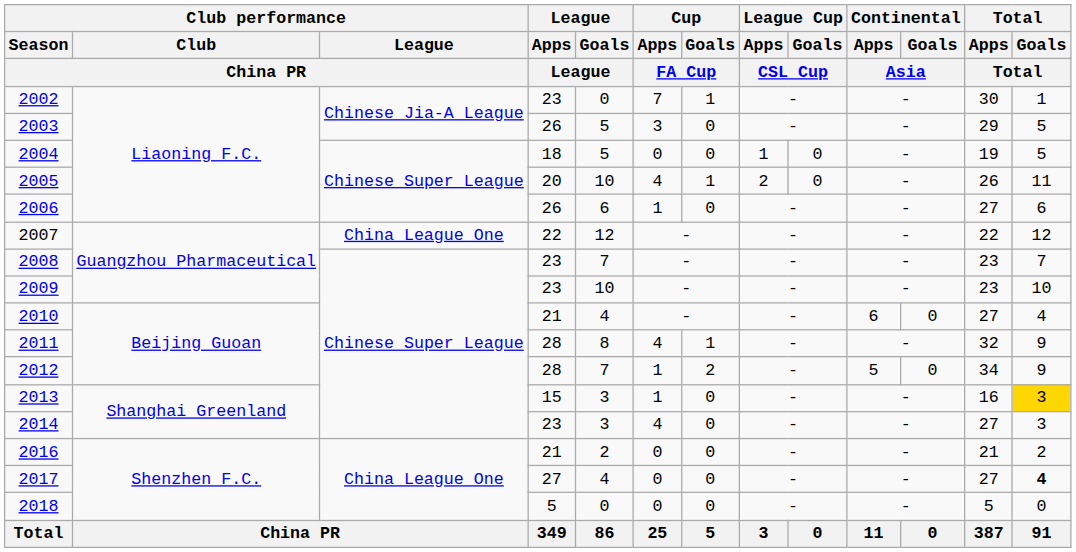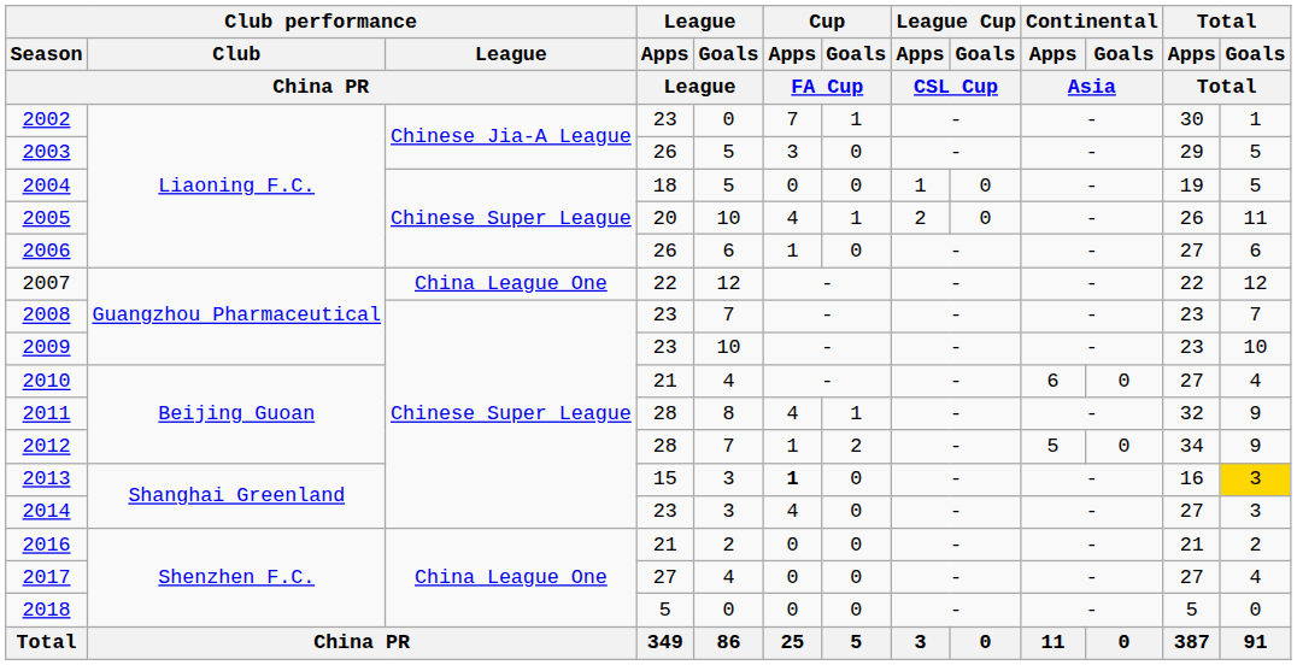 <table class="wikitable" style="text-align:center">
 <tr>
 <th colspan=3>Club performance</th>
 <th colspan=2>League</th>
 <th colspan=2>Cup</th>
 <th colspan=2>League Cup</th>
 <th colspan=2>Continental</th>
 <th colspan=2>Total</th>
 </tr>
 <tr>
 <th>Season</th>
 <th>Club</th>
 <th>League</th>
 <th>Apps</th>
 <th>Goals</th>
 <th>Apps</th>
 <th>Goals</th>
 <th>Apps</th>
 <th>Goals</th>
 <th>Apps</th>
 <th>Goals</th>
 <th>Apps</th>
 <th>Goals</th>
 </tr>
 <tr>
 <th colspan=3>China PR</th>
 <th colspan=2>League</th>
 <th colspan=2><a href='#'>FA Cup</a></th>
 <th colspan=2><a href='#'>CSL Cup</a></th>
 <th colspan=2><a href='#'>Asia</a></th>
 <th colspan=2>Total</th>
 </tr>
 <tr>
 <td><a href='#'>2002</a></td>
 <td rowspan="5"><a href='#'>Liaoning F.C.</a></td>
 <td rowspan="2"><a href='#'>Chinese Jia-A League</a></td>
 <td>23</td>
 <td>0</td>
 <td>7</td>
 <td>1</td>
 <td colspan="2">-</td>
 <td colspan="2">-</td>
 <td>30</td>
 <td>1</td>
 </tr>
 <tr>
 <td><a href='#'>2003</a></td>
 <td>26</td>
 <td>5</td>
 <td>3</td>
 <td>0</td>
 <td colspan="2">-</td>
 <td colspan="2">-</td>
 <td>29</td>
 <td>5</td>
 </tr>
 <tr>
 <td><a href='#'>2004</a></td>
 <td rowspan="3"><a href='#'>Chinese Super League</a></td>
 <td>18</td>
 <td>5</td>
 <td>0</td>
 <td>0</td>
 <td>1</td>
 <td>0</td>
 <td colspan="2">-</td>
 <td>19</td>
 <td>5</td>
 </tr>
 <tr>
 <td><a href='#'>2005</a></td>
 <td>20</td>
 <td>10</td>
 <td>4</td>
 <td>1</td>
 <td>2</td>
 <td>0</td>
 <td colspan="2">-</td>
 <td>26</td>
 <td>11</td>
 </tr>
 <tr>
 <td><a href='#'>2006</a></td>
 <td>26</td>
 <td>6</td>
 <td>1</td>
 <td>0</td>
 <td colspan="2">-</td>
 <td colspan="2">-</td>
 <td>27</td>
 <td>6</td>
 </tr>
 <tr>
 <td>2007</td>
 <td rowspan="3"><a href='#'>Guangzhou Pharmaceutical</a></td>
 <td rowspan="1"><a href='#'>China League One</a></td>
 <td>22</td>
 <td>12</td>
 <td colspan="2">-</td>
 <td colspan="2">-</td>
 <td colspan="2">-</td>
 <td>22</td>
 <td>12</td>
 </tr>
 <tr>
 <td><a href='#'>2008</a></td>
 <td rowspan="7"><a href='#'>Chinese Super League</a></td>
 <td>23</td>
 <td>7</td>
 <td colspan="2">-</td>
 <td colspan="2">-</td>
 <td colspan="2">-</td>
 <td>23</td>
 <td>7</td>
 </tr>
 <tr>
 <td><a href='#'>2009</a></td>
 <td>23</td>
 <td>10</td>
 <td colspan="2">-</td>
 <td colspan="2">-</td>
 <td colspan="2">-</td>
 <td>23</td>
 <td>10</td>
 </tr>
 <tr>
 <td><a href='#'>2010</a></td>
 <td rowspan="3"><a href='#'>Beijing Guoan</a></td>
 <td>21</td>
 <td>4</td>
 <td colspan="2">-</td>
 <td colspan="2">-</td>
 <td>6</td>
 <td>0</td>
 <td>27</td>
 <td>4</td>
 </tr>
 <tr>
 <td><a href='#'>2011</a></td>
 <td>28</td>
 <td>8</td>
 <td>4</td>
 <td>1</td>
 <td colspan="2">-</td>
 <td colspan="2">-</td>
 <td>32</td>
 <td>9</td>
 </tr>
 <tr>
 <td><a href='#'>2012</a></td>
 <td>28</td>
 <td>7</td>
 <td>1</td>
 <td>2</td>
 <td colspan="2">-</td>
 <td>5</td>
 <td>0</td>
 <td>34</td>
 <td>9</td>
 </tr>
 <tr>
 <td><a href='#'>2013</a></td>
 <td rowspan="2"><a href='#'>Shanghai Greenland</a></td>
 <td>15</td>
 <td>3</td>
-<td>1</td>
+<td><strong>1</strong></td>
 <td>0</td>
 <td colspan="2">-</td>
 <td colspan="2">-</td>
 <td>16</td>
 <td style="background: gold;">3</td>
 </tr>
 <tr>
 <td><a href='#'>2014</a></td>
 <td>23</td>
 <td>3</td>
 <td>4</td>
 <td>0</td>
 <td colspan="2">-</td>
 <td colspan="2">-</td>
 <td>27</td>
 <td>3</td>
 </tr>
 <tr>
 <td><a href='#'>2016</a></td>
 <td rowspan="3"><a href='#'>Shenzhen F.C.</a></td>
 <td rowspan="3"><a href='#'>China League One</a></td>
 <td>21</td>
 <td>2</td>
 <td>0</td>
 <td>0</td>
 <td colspan="2">-</td>
 <td colspan="2">-</td>
 <td>21</td>
 <td>2</td>
 </tr>
 <tr>
 <td><a href='#'>2017</a></td>
 <td>27</td>
 <td>4</td>
 <td>0</td>
 <td>0</td>
 <td colspan="2">-</td>
 <td colspan="2">-</td>
 <td>27</td>
-<td><strong>4</strong></td>
+<td>4</td>
 </tr>
 <tr>
 <td><a href='#'>2018</a></td>
 <td>5</td>
 <td>0</td>
 <td>0</td>
 <td>0</td>
 <td colspan="2">-</td>
 <td colspan="2">-</td>
 <td>5</td>
 <td>0</td>
 </tr>
 <tr>
 <th rowspan=3>Total</th>
 <th colspan=2>China PR</th>
 <th>349</th>
 <th>86</th>
 <th>25</th>
 <th>5</th>
 <th>3</th>
 <th>0</th>
 <th>11</th>
 <th>0</th>
 <th>387</th>
 <th>91</th>
 </tr>
 </table>
